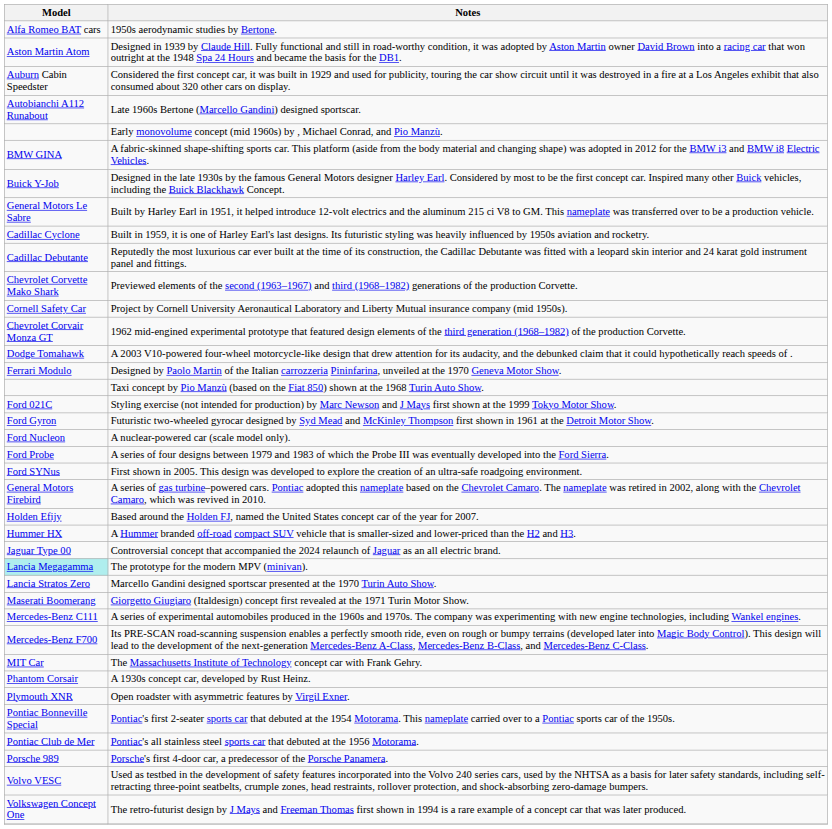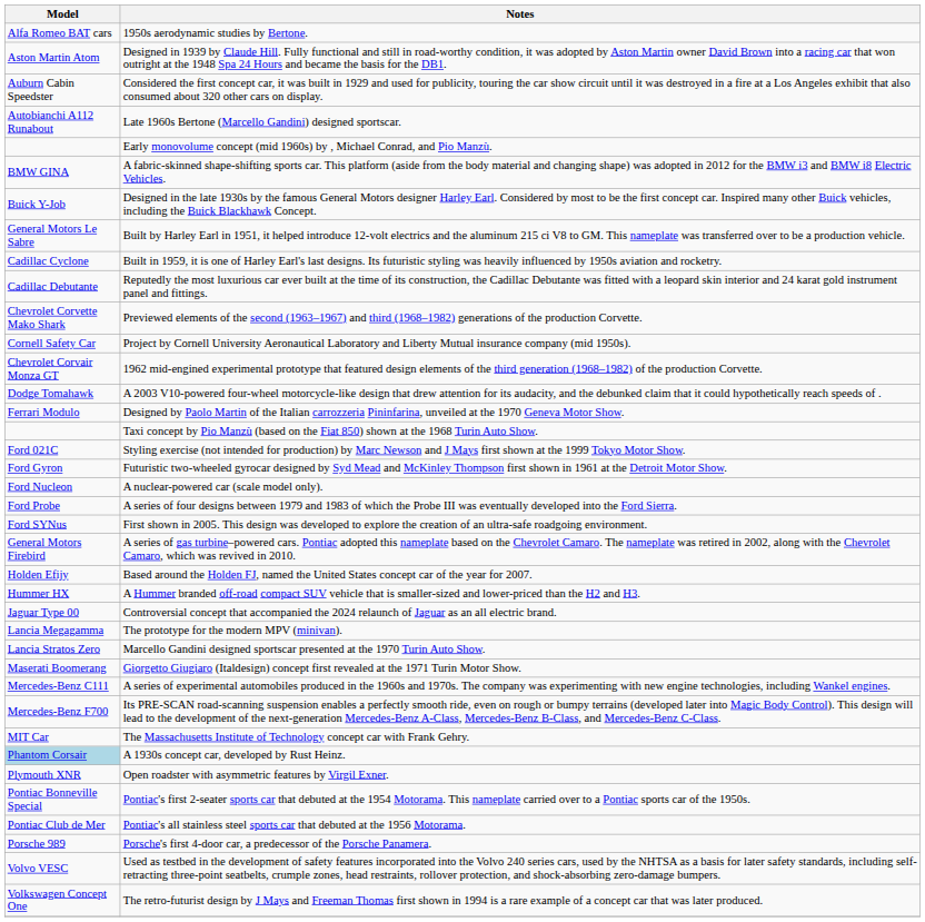 <table class="wikitable">
 <tr>
 <th>Model</th>
 <th>Notes</th>
 </tr>
 <tr>
 <td><a href='#'>Alfa Romeo BAT</a> cars</td>
 <td>1950s aerodynamic studies by <a href='#'>Bertone</a>.</td>
 </tr>
 <tr>
 <td><a href='#'>Aston Martin Atom</a></td>
 <td>Designed in 1939 by <a href='#'>Claude Hill</a>. Fully functional and still in road-worthy condition, it was adopted by <a href='#'>Aston Martin</a> owner <a href='#'>David Brown</a> into a <a href='#'>racing car</a> that won outright at the 1948 <a href='#'>Spa 24 Hours</a> and became the basis for the <a href='#'>DB1</a>.</td>
 </tr>
 <tr>
 <td><a href='#'>Auburn</a> Cabin Speedster</td>
 <td>Considered the first concept car, it was built in 1929 and used for publicity, touring the car show circuit until it was destroyed in a fire at a Los Angeles exhibit that also consumed about 320 other cars on display.</td>
 </tr>
 <tr>
 <td><a href='#'>Autobianchi A112 Runabout</a></td>
 <td>Late 1960s Bertone (<a href='#'>Marcello Gandini</a>) designed sportscar.</td>
 </tr>
 <tr>
 <td></td>
 <td>Early <a href='#'>monovolume</a> concept (mid 1960s) by , Michael Conrad, and <a href='#'>Pio Manzù</a>.</td>
 </tr>
 <tr>
 <td><a href='#'>BMW GINA</a></td>
 <td>A fabric-skinned shape-shifting sports car. This platform (aside from the body material and changing shape) was adopted in 2012 for the <a href='#'>BMW i3</a> and <a href='#'>BMW i8</a> <a href='#'>Electric Vehicles</a>.</td>
 </tr>
 <tr>
 <td><a href='#'>Buick Y-Job</a></td>
 <td>Designed in the late 1930s by the famous General Motors designer <a href='#'>Harley Earl</a>. Considered by most to be the first concept car. Inspired many other <a href='#'>Buick</a> vehicles, including the <a href='#'>Buick Blackhawk</a> Concept.</td>
 </tr>
 <tr>
 <td><a href='#'>General Motors Le Sabre</a></td>
 <td>Built by Harley Earl in 1951, it helped introduce 12-volt electrics and the aluminum 215 ci V8 to GM. This <a href='#'>nameplate</a> was transferred over to be a production vehicle.</td>
 </tr>
 <tr>
 <td><a href='#'>Cadillac Cyclone</a></td>
 <td>Built in 1959, it is one of Harley Earl's last designs. Its futuristic styling was heavily influenced by 1950s aviation and rocketry.</td>
 </tr>
 <tr>
 <td><a href='#'>Cadillac Debutante</a></td>
 <td>Reputedly the most luxurious car ever built at the time of its construction, the Cadillac Debutante was fitted with a leopard skin interior and 24 karat gold instrument panel and fittings.</td>
 </tr>
 <tr>
 <td><a href='#'>Chevrolet Corvette Mako Shark</a></td>
 <td>Previewed elements of the <a href='#'>second (1963–1967)</a> and <a href='#'>third (1968–1982)</a> generations of the production Corvette.</td>
 </tr>
 <tr>
 <td><a href='#'>Cornell Safety Car</a></td>
 <td>Project by Cornell University Aeronautical Laboratory and Liberty Mutual insurance company (mid 1950s).</td>
 </tr>
 <tr>
 <td><a href='#'>Chevrolet Corvair Monza GT</a></td>
 <td>1962 mid-engined experimental prototype that featured design elements of the <a href='#'>third generation (1968–1982)</a> of the production Corvette.</td>
 </tr>
 <tr>
 <td><a href='#'>Dodge Tomahawk</a></td>
 <td>A 2003 V10-powered four-wheel motorcycle-like design that drew attention for its audacity, and the debunked claim that it could hypothetically reach speeds of .</td>
 </tr>
 <tr>
 <td><a href='#'>Ferrari Modulo</a></td>
 <td>Designed by <a href='#'>Paolo Martin</a> of the Italian <a href='#'>carrozzeria</a> <a href='#'>Pininfarina</a>, unveiled at the 1970 <a href='#'>Geneva Motor Show</a>.</td>
 </tr>
 <tr>
 <td></td>
 <td>Taxi concept by <a href='#'>Pio Manzù</a> (based on the <a href='#'>Fiat 850</a>) shown at the 1968 <a href='#'>Turin Auto Show</a>.</td>
 </tr>
 <tr>
 <td><a href='#'>Ford 021C</a></td>
 <td>Styling exercise (not intended for production) by <a href='#'>Marc Newson</a> and <a href='#'>J Mays</a> first shown at the 1999 <a href='#'>Tokyo Motor Show</a>.</td>
 </tr>
 <tr>
 <td><a href='#'>Ford Gyron</a></td>
 <td>Futuristic two-wheeled gyrocar designed by <a href='#'>Syd Mead</a> and <a href='#'>McKinley Thompson</a> first shown in 1961 at the <a href='#'>Detroit Motor Show</a>.</td>
 </tr>
 <tr>
 <td><a href='#'>Ford Nucleon</a></td>
 <td>A nuclear-powered car (scale model only).</td>
 </tr>
 <tr>
 <td><a href='#'>Ford Probe</a></td>
 <td>A series of four designs between 1979 and 1983 of which the Probe III was eventually developed into the <a href='#'>Ford Sierra</a>.</td>
 </tr>
 <tr>
 <td><a href='#'>Ford SYNus</a></td>
 <td>First shown in 2005. This design was developed to explore the creation of an ultra-safe roadgoing environment.</td>
 </tr>
 <tr>
 <td><a href='#'>General Motors Firebird</a></td>
 <td>A series of <a href='#'>gas turbine</a>–powered cars. <a href='#'>Pontiac</a> adopted this <a href='#'>nameplate</a> based on the <a href='#'>Chevrolet Camaro</a>. The <a href='#'>nameplate</a> was retired in 2002, along with the <a href='#'>Chevrolet Camaro</a>, which was revived in 2010.</td>
 </tr>
 <tr>
 <td><a href='#'>Holden Efijy</a></td>
 <td>Based around the <a href='#'>Holden FJ</a>, named the United States concept car of the year for 2007.</td>
 </tr>
 <tr>
 <td><a href='#'>Hummer HX</a></td>
 <td>A <a href='#'>Hummer</a> branded <a href='#'>off-road</a> <a href='#'>compact SUV</a> vehicle that is smaller-sized and lower-priced than the <a href='#'>H2</a> and <a href='#'>H3</a>.</td>
 </tr>
 <tr>
 <td><a href='#'>Jaguar Type 00</a></td>
 <td>Controversial concept that accompanied the 2024 relaunch of <a href='#'>Jaguar</a> as an all electric brand.</td>
 </tr>
 <tr>
-<td style="background: paleturquoise;"><a href='#'>Lancia Megagamma</a></td>
+<td><a href='#'>Lancia Megagamma</a></td>
 <td>The prototype for the modern MPV (<a href='#'>minivan</a>).</td>
 </tr>
 <tr>
 <td><a href='#'>Lancia Stratos Zero</a></td>
 <td>Marcello Gandini designed sportscar presented at the 1970 <a href='#'>Turin Auto Show</a>.</td>
 </tr>
 <tr>
 <td><a href='#'>Maserati Boomerang</a></td>
 <td><a href='#'>Giorgetto Giugiaro</a> (Italdesign) concept first revealed at the 1971 Turin Motor Show.</td>
 </tr>
 <tr>
 <td><a href='#'>Mercedes-Benz C111</a></td>
 <td>A series of experimental automobiles produced in the 1960s and 1970s. The company was experimenting with new engine technologies, including <a href='#'>Wankel engines</a>.</td>
 </tr>
 <tr>
 <td><a href='#'>Mercedes-Benz F700</a></td>
 <td>Its PRE-SCAN road-scanning suspension enables a perfectly smooth ride, even on rough or bumpy terrains (developed later into <a href='#'>Magic Body Control</a>). This design will lead to the development of the next-generation <a href='#'>Mercedes-Benz A-Class</a>, <a href='#'>Mercedes-Benz B-Class</a>, and <a href='#'>Mercedes-Benz C-Class</a>.</td>
 </tr>
 <tr>
 <td><a href='#'>MIT Car</a></td>
 <td>The <a href='#'>Massachusetts Institute of Technology</a> concept car with Frank Gehry.</td>
 </tr>
 <tr>
-<td><a href='#'>Phantom Corsair</a></td>
+<td style="background: lightblue;"><a href='#'>Phantom Corsair</a></td>
 <td>A 1930s concept car, developed by Rust Heinz.</td>
 </tr>
 <tr>
 <td><a href='#'>Plymouth XNR</a></td>
 <td>Open roadster with asymmetric features by <a href='#'>Virgil Exner</a>.</td>
 </tr>
 <tr>
 <td><a href='#'>Pontiac Bonneville Special</a></td>
 <td><a href='#'>Pontiac</a>'s first 2-seater <a href='#'>sports car</a> that debuted at the 1954 <a href='#'>Motorama</a>. This <a href='#'>nameplate</a> carried over to a <a href='#'>Pontiac</a> sports car of the 1950s.</td>
 </tr>
 <tr>
 <td><a href='#'>Pontiac Club de Mer</a></td>
 <td><a href='#'>Pontiac</a>'s all stainless steel <a href='#'>sports car</a> that debuted at the 1956 <a href='#'>Motorama</a>.</td>
 </tr>
 <tr>
 <td><a href='#'>Porsche 989</a></td>
 <td><a href='#'>Porsche</a>'s first 4-door car, a predecessor of the <a href='#'>Porsche Panamera</a>.</td>
 </tr>
 <tr>
 <td><a href='#'>Volvo VESC</a></td>
 <td>Used as testbed in the development of safety features incorporated into the Volvo 240 series cars, used by the NHTSA as a basis for later safety standards, including self-retracting three-point seatbelts, crumple zones, head restraints, rollover protection, and shock-absorbing zero-damage bumpers.</td>
 </tr>
 <tr>
 <td><a href='#'>Volkswagen Concept One</a></td>
 <td>The retro-futurist design by <a href='#'>J Mays</a> and <a href='#'>Freeman Thomas</a> first shown in 1994 is a rare example of a concept car that was later produced.</td>
 </tr>
 <tr>
 </tr>
 </table>
